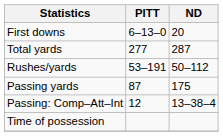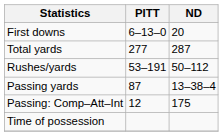 <table class="wikitable" style="float: left;">
 <tr>
 <th>Statistics</th>
 <th>PITT</th>
 <th>ND</th>
 </tr>
 <tr>
 <td>First downs</td>
 <td>6–13–0</td>
 <td>20</td>
 </tr>
 <tr>
 <td>Total yards</td>
 <td>277</td>
 <td>287</td>
 </tr>
 <tr>
 <td>Rushes/yards</td>
 <td>53–191</td>
 <td>50–112</td>
 </tr>
 <tr>
 <td>Passing yards</td>
 <td>87</td>
-<td>175</td>
+<td>13–38–4</td>
 </tr>
 <tr>
 <td>Passing: Comp–Att–Int</td>
 <td>12</td>
-<td>13–38–4</td>
+<td>175</td>
 </tr>
 <tr>
 <td>Time of possession</td>
 <td></td>
 <td></td>
 </tr>
 <tr>
 </tr>
 </table>
